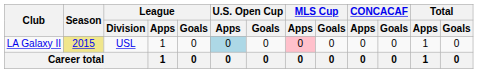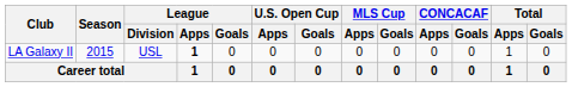 <table class="wikitable" style="text-align: center;">
 <tr>
 <th rowspan="2">Club</th>
 <th rowspan="2">Season</th>
 <th colspan="3">League</th>
 <th colspan="2">U.S. Open Cup</th>
 <th colspan="2"><a href='#'>MLS Cup</a></th>
 <th colspan="2"><a href='#'>CONCACAF</a></th>
 <th colspan="2">Total</th>
 </tr>
 <tr>
 <th>Division</th>
 <th>Apps</th>
 <th>Goals</th>
 <th>Apps</th>
 <th>Goals</th>
 <th>Apps</th>
 <th>Goals</th>
 <th>Apps</th>
 <th>Goals</th>
 <th>Apps</th>
 <th>Goals</th>
 </tr>
 <tr>
 <td rowspan="1"><a href='#'>LA Galaxy II</a></td>
-<td style="background: khaki;"><a href='#'>2015</a></td>
+<td><a href='#'>2015</a></td>
 <td><a href='#'>USL</a></td>
-<td>1</td>
+<td><strong>1</strong></td>
 <td>0</td>
-<td style="background: lightblue;">0</td>
 <td>0</td>
-<td style="background: pink;">0</td>
+<td>0</td>
+<td>0</td>
 <td>0</td>
 <td>0</td>
 <td>0</td>
 <td>1</td>
 <td>0</td>
 </tr>
 <tr>
 <th colspan="3">Career total</th>
 <th>1</th>
 <th>0</th>
 <th>0</th>
 <th>0</th>
 <th>0</th>
 <th>0</th>
 <th>0</th>
 <th>0</th>
 <th>1</th>
 <th>0</th>
 </tr>
 </table>
